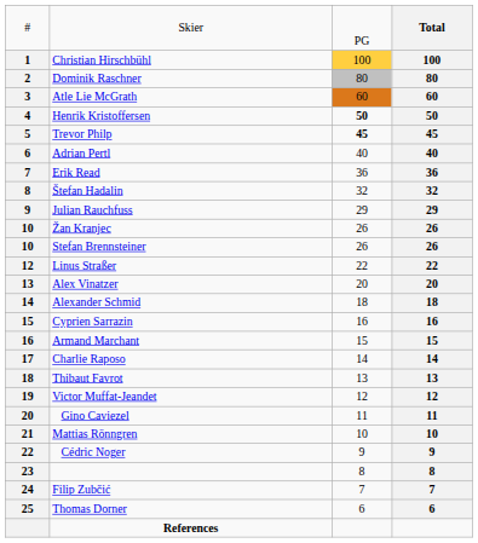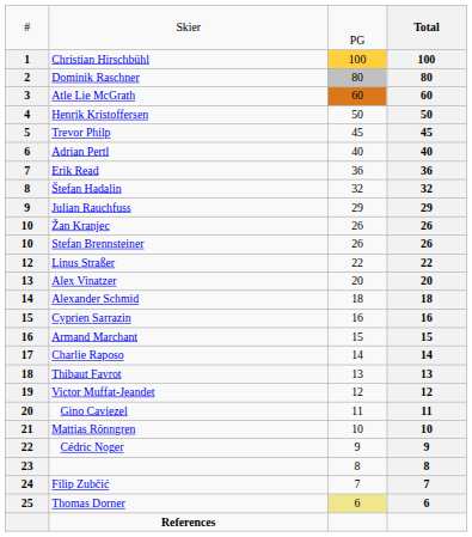 <table class="wikitable" width=40% style="font-size:100%; text-align:center;">
 <tr>
 <td>#</td>
 <td>Skier</td>
 <td><br> <br>PG</td>
 <th>Total</th>
 </tr>
 <tr>
 <th>1</th>
 <td align=left> <a href='#'>Christian Hirschbühl</a></td>
 <td bgcolor=ffcf40>100</td>
 <th>100</th>
 </tr>
 <tr>
 <th>2</th>
 <td align=left> <a href='#'>Dominik Raschner</a></td>
 <td bgcolor=c0c0c0>80</td>
 <th>80</th>
 </tr>
 <tr>
 <th>3</th>
 <td align=left> <a href='#'>Atle Lie McGrath</a></td>
 <td bgcolor=db781b>60</td>
 <th>60</th>
 </tr>
 <tr>
 <th>4</th>
 <td align=left> <a href='#'>Henrik Kristoffersen</a></td>
-<td><strong>50</strong></td>
+<td>50</td>
 <th>50</th>
 </tr>
 <tr>
 <th>5</th>
 <td align=left> <a href='#'>Trevor Philp</a></td>
-<td><strong>45</strong></td>
+<td>45</td>
 <th>45</th>
 </tr>
 <tr>
 <th>6</th>
 <td align=left> <a href='#'>Adrian Pertl</a></td>
 <td>40</td>
 <th>40</th>
 </tr>
 <tr>
 <th>7</th>
 <td align=left> <a href='#'>Erik Read</a></td>
 <td>36</td>
 <th>36</th>
 </tr>
 <tr>
 <th>8</th>
 <td align=left> <a href='#'>Štefan Hadalin</a></td>
 <td>32</td>
 <th>32</th>
 </tr>
 <tr>
 <th>9</th>
 <td align=left> <a href='#'>Julian Rauchfuss</a></td>
 <td>29</td>
 <th>29</th>
 </tr>
 <tr>
 <th>10</th>
 <td align=left> <a href='#'>Žan Kranjec</a></td>
 <td>26</td>
 <th>26</th>
 </tr>
 <tr>
 <th>10</th>
 <td align=left> <a href='#'>Stefan Brennsteiner</a></td>
 <td>26</td>
 <th>26</th>
 </tr>
 <tr>
 <th>12</th>
 <td align=left> <a href='#'>Linus Straßer</a></td>
 <td>22</td>
 <th>22</th>
 </tr>
 <tr>
 <th>13</th>
 <td align=left> <a href='#'>Alex Vinatzer</a></td>
 <td>20</td>
 <th>20</th>
 </tr>
 <tr>
 <th>14</th>
 <td align=left> <a href='#'>Alexander Schmid</a></td>
 <td>18</td>
 <th>18</th>
 </tr>
 <tr>
 <th>15</th>
 <td align=left> <a href='#'>Cyprien Sarrazin</a></td>
 <td>16</td>
 <th>16</th>
 </tr>
 <tr>
 <th>16</th>
 <td align=left> <a href='#'>Armand Marchant</a></td>
 <td>15</td>
 <th>15</th>
 </tr>
 <tr>
 <th>17</th>
 <td align=left> <a href='#'>Charlie Raposo</a></td>
 <td>14</td>
 <th>14</th>
 </tr>
 <tr>
 <th>18</th>
 <td align=left> <a href='#'>Thibaut Favrot</a></td>
 <td>13</td>
 <th>13</th>
 </tr>
 <tr>
 <th>19</th>
 <td align=left> <a href='#'>Victor Muffat-Jeandet</a></td>
 <td>12</td>
 <th>12</th>
 </tr>
 <tr>
 <th>20</th>
 <td align=left>   <a href='#'>Gino Caviezel</a></td>
 <td>11</td>
 <th>11</th>
 </tr>
 <tr>
 <th>21</th>
 <td align=left> <a href='#'>Mattias Rönngren</a></td>
 <td>10</td>
 <th>10</th>
 </tr>
 <tr>
 <th>22</th>
 <td align=left>   <a href='#'>Cédric Noger</a></td>
 <td>9</td>
 <th>9</th>
 </tr>
 <tr>
 <th>23</th>
 <td align=left></td>
 <td>8</td>
 <th>8</th>
 </tr>
 <tr>
 <th>24</th>
 <td align=left> <a href='#'>Filip Zubčić</a></td>
 <td>7</td>
 <th>7</th>
 </tr>
 <tr>
 <th>25</th>
 <td align=left> <a href='#'>Thomas Dorner</a></td>
-<td>6</td>
+<td style="background: khaki;">6</td>
 <th>6</th>
 </tr>
 <tr>
 <th></th>
 <td align=center><strong>References</strong></td>
 <td></td>
 </tr>
 </table>
